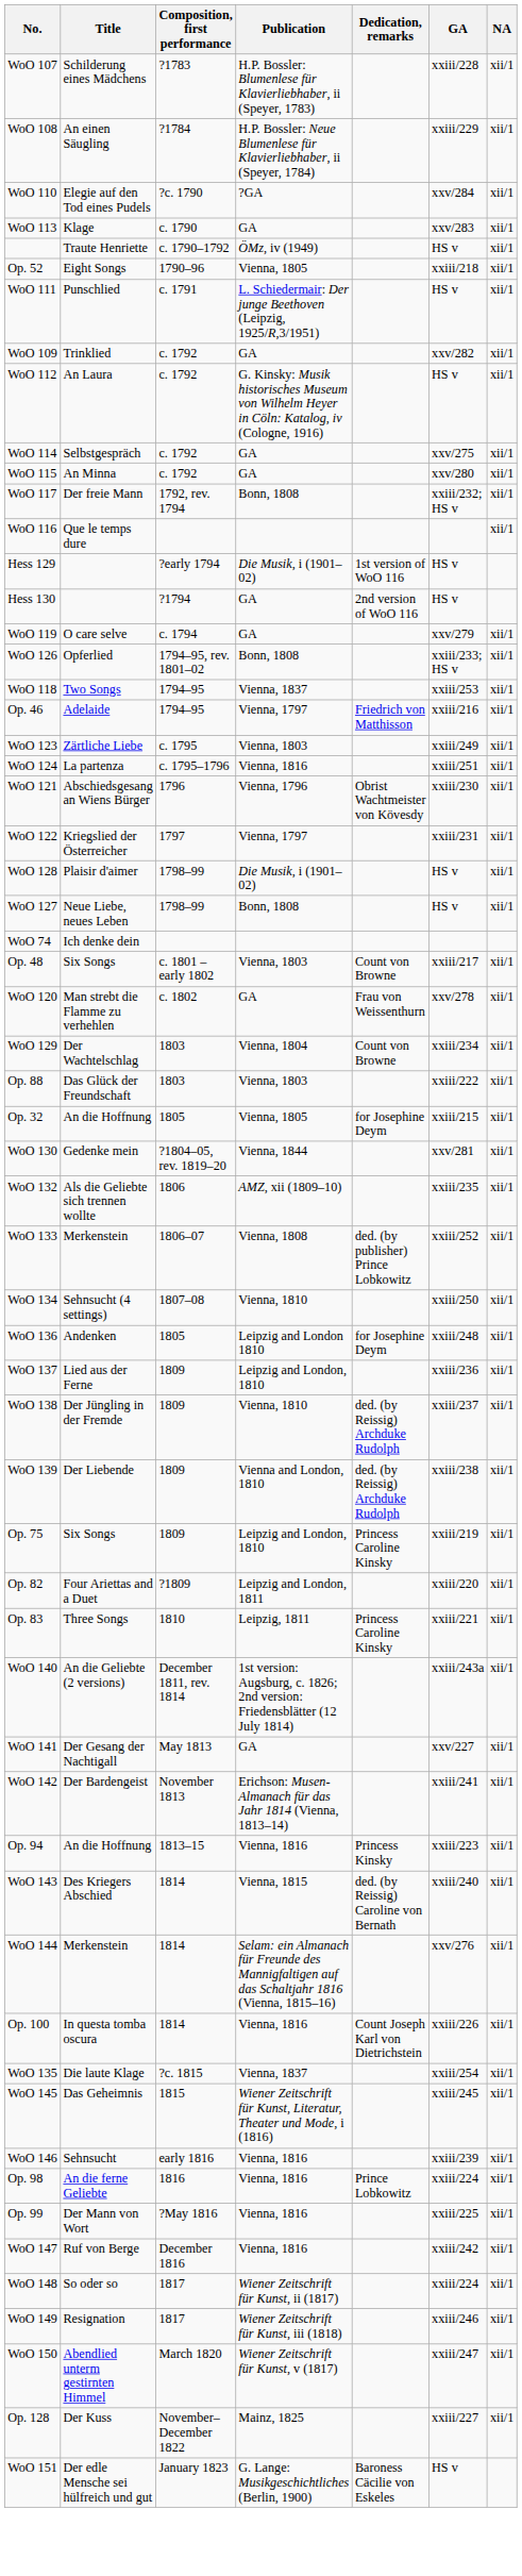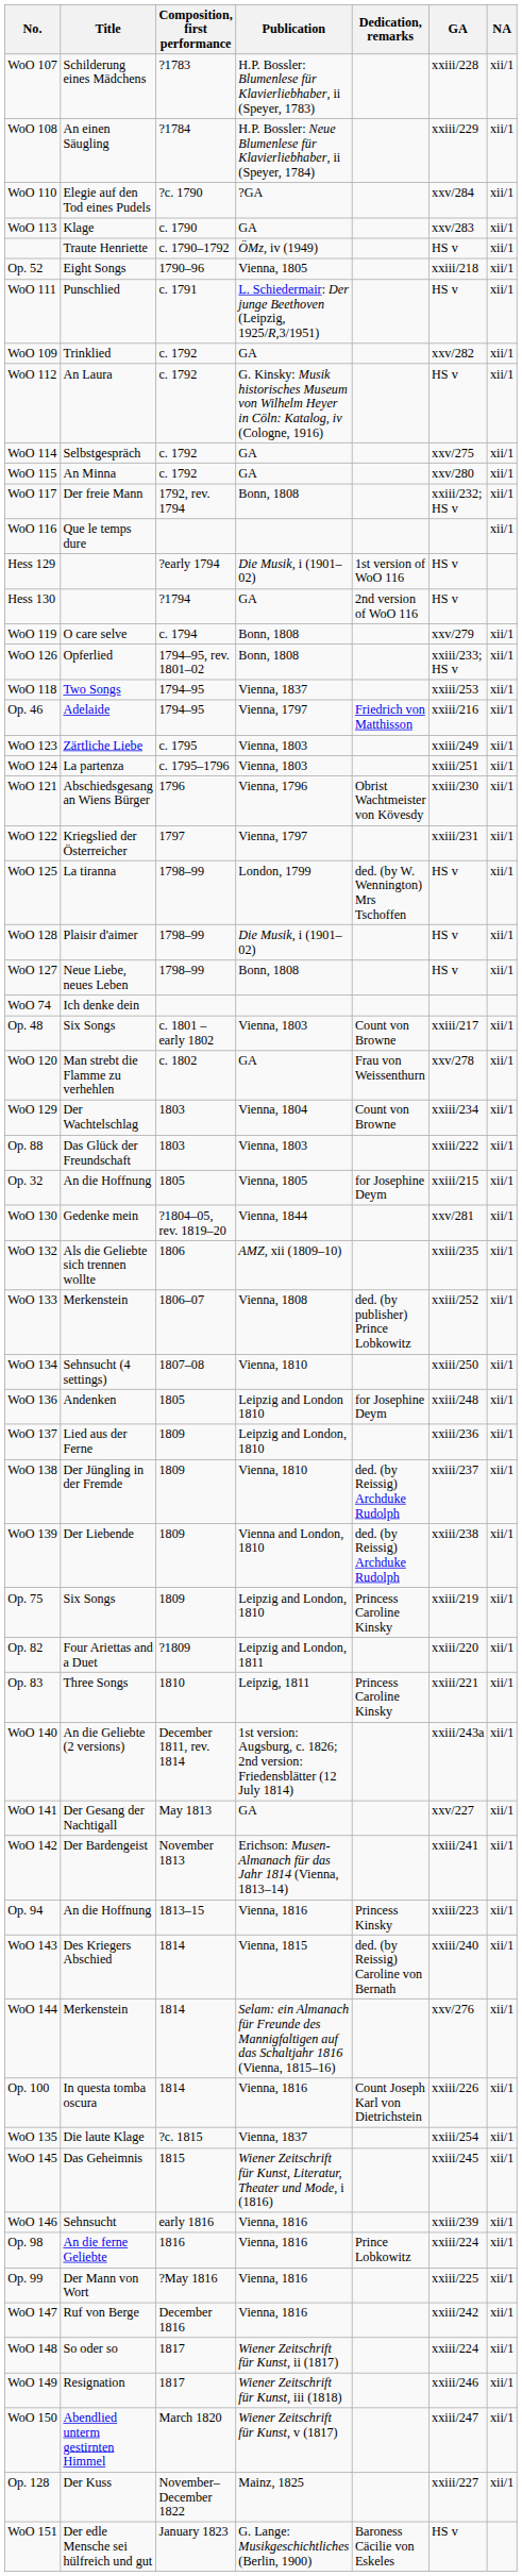 <table class="wikitable sortable" style="text-align: left">
 <tr>
 <th>No.</th>
 <th>Title</th>
 <th>Composition, first performance</th>
 <th>Publication</th>
 <th>Dedication, remarks</th>
 <th class="unsortable">GA</th>
 <th class="unsortable">NA</th>
 </tr>
 <tr style="vertical-align: top">
 <td>WoO 107</td>
 <td>Schilderung eines Mädchens</td>
 <td data-sort-value="1783">?1783</td>
 <td data-sort-value="1784">H.P. Bossler: <em>Blumenlese für Klavierliebhaber</em>, ii (Speyer, 1783)</td>
 <td></td>
 <td>xxiii/228</td>
 <td>xii/1</td>
 </tr>
 <tr style="vertical-align: top">
 <td>WoO 108</td>
 <td>An einen Säugling</td>
 <td data-sort-value="1784">?1784</td>
 <td data-sort-value="1784">H.P. Bossler: <em>Neue Blumenlese für Klavierliebhaber</em>, ii (Speyer, 1784)</td>
 <td></td>
 <td>xxiii/229</td>
 <td>xii/1</td>
 </tr>
 <tr style="vertical-align: top">
 <td>WoO 110</td>
 <td>Elegie auf den Tod eines Pudels</td>
 <td data-sort-value="1790">?c. 1790</td>
 <td data-sort-value="1862">?GA</td>
 <td></td>
 <td>xxv/284</td>
 <td>xii/1</td>
 </tr>
 <tr style="vertical-align: top">
 <td>WoO 113</td>
 <td>Klage</td>
 <td data-sort-value="1790">c. 1790</td>
 <td data-sort-value="1862">GA</td>
 <td></td>
 <td>xxv/283</td>
 <td>xii/1</td>
 </tr>
 <tr style="vertical-align: top">
 <td></td>
 <td>Traute Henriette</td>
 <td data-sort-value="1790">c. 1790–1792</td>
 <td data-sort-value="1949"><em>ÖMz</em>, iv (1949)</td>
 <td></td>
 <td>HS v</td>
 <td>xii/1</td>
 </tr>
 <tr style="vertical-align: top">
 <td>Op. 52</td>
 <td>Eight Songs<br></td>
 <td data-sort-value="1790">1790–96</td>
 <td data-sort-value="1805">Vienna, 1805</td>
 <td></td>
 <td>xxiii/218</td>
 <td>xii/1</td>
 </tr>
 <tr style="vertical-align: top">
 <td>WoO 111</td>
 <td>Punschlied</td>
 <td data-sort-value="1791">c. 1791</td>
 <td data-sort-value="1925"><a href='#'>L. Schiedermair</a>: <em>Der junge Beethoven</em> (Leipzig, 1925/<em>R</em>,3/1951)</td>
 <td></td>
 <td>HS v</td>
 <td>xii/1</td>
 </tr>
 <tr style="vertical-align: top">
 <td>WoO 109</td>
 <td>Trinklied</td>
 <td data-sort-value="1792">c. 1792</td>
 <td data-sort-value="1862">GA</td>
 <td></td>
 <td>xxv/282</td>
 <td>xii/1</td>
 </tr>
 <tr style="vertical-align: top">
 <td>WoO 112</td>
 <td>An Laura</td>
 <td data-sort-value="1792">c. 1792</td>
 <td data-sort-value="1916">G. Kinsky: <em>Musik historisches Museum von Wilhelm Heyer in Cöln: Katalog, iv</em> (Cologne, 1916)</td>
 <td></td>
 <td>HS v</td>
 <td>xii/1</td>
 </tr>
 <tr style="vertical-align: top">
 <td>WoO 114</td>
 <td>Selbstgespräch</td>
 <td data-sort-value="1792">c. 1792</td>
 <td data-sort-value="1862">GA</td>
 <td></td>
 <td>xxv/275</td>
 <td>xii/1</td>
 </tr>
 <tr style="vertical-align: top">
 <td>WoO 115</td>
 <td>An Minna</td>
 <td data-sort-value="1792">c. 1792</td>
 <td data-sort-value="1862">GA</td>
 <td></td>
 <td>xxv/280</td>
 <td>xii/1</td>
 </tr>
 <tr style="vertical-align: top">
 <td>WoO 117</td>
 <td>Der freie Mann</td>
 <td data-sort-value="1792">1792, rev. 1794</td>
 <td data-sort-value="1808">Bonn, 1808</td>
 <td></td>
 <td>xxiii/232; HS v</td>
 <td>xii/1</td>
 </tr>
 <tr style="vertical-align: top">
 <td>WoO 116</td>
 <td>Que le temps dure</td>
 <td></td>
 <td></td>
 <td></td>
 <td></td>
 <td>xii/1</td>
 </tr>
 <tr style="vertical-align: top">
 <td>Hess 129</td>
 <td></td>
 <td>?early 1794</td>
 <td><em>Die Musik</em>, i (1901–02)</td>
 <td>1st version of WoO 116</td>
 <td>HS v</td>
 <td></td>
 </tr>
 <tr style="vertical-align: top">
 <td>Hess 130</td>
 <td></td>
 <td>?1794</td>
 <td>GA</td>
 <td>2nd version of WoO 116</td>
 <td>HS v</td>
 <td></td>
 </tr>
 <tr style="vertical-align: top">
 <td>WoO 119</td>
 <td>O care selve</td>
 <td data-sort-value="1794">c. 1794</td>
-<td data-sort-value="1862">GA</td>
+<td data-sort-value="1808">Bonn, 1808</td>
 <td></td>
 <td>xxv/279</td>
 <td>xii/1</td>
 </tr>
 <tr style="vertical-align: top">
 <td>WoO 126</td>
 <td>Opferlied</td>
 <td data-sort-value="1794">1794–95, rev. 1801–02</td>
 <td data-sort-value="1808">Bonn, 1808</td>
 <td></td>
 <td>xxiii/233; HS v</td>
 <td>xii/1</td>
 </tr>
 <tr style="vertical-align: top">
 <td>WoO 118</td>
 <td><a href='#'>Two Songs </a></td>
 <td data-sort-value="1794">1794–95</td>
 <td data-sort-value="1837">Vienna, 1837</td>
 <td></td>
 <td>xxiii/253</td>
 <td>xii/1</td>
 </tr>
 <tr style="vertical-align: top">
 <td>Op. 46</td>
 <td><a href='#'>Adelaide</a></td>
 <td data-sort-value="1794">1794–95</td>
 <td data-sort-value="1797">Vienna, 1797</td>
 <td><a href='#'>Friedrich von Matthisson</a></td>
 <td>xxiii/216</td>
 <td>xii/1</td>
 </tr>
 <tr style="vertical-align: top">
 <td>WoO 123</td>
 <td><a href='#'>Zärtliche Liebe</a></td>
 <td data-sort-value="1795">c. 1795</td>
 <td data-sort-value="1803">Vienna, 1803</td>
 <td></td>
 <td>xxiii/249</td>
 <td>xii/1</td>
 </tr>
 <tr style="vertical-align: top">
 <td>WoO 124</td>
 <td>La partenza</td>
 <td data-sort-value="1795">c. 1795–1796</td>
-<td data-sort-value="1816">Vienna, 1816</td>
+<td data-sort-value="1803">Vienna, 1803</td>
 <td></td>
 <td>xxiii/251</td>
 <td>xii/1</td>
 </tr>
 <tr style="vertical-align: top">
 <td>WoO 121</td>
 <td>Abschiedsgesang an Wiens Bürger</td>
 <td data-sort-value="1796">1796</td>
 <td data-sort-value="1796">Vienna, 1796</td>
 <td>Obrist Wachtmeister von Kövesdy</td>
 <td>xxiii/230</td>
 <td>xii/1</td>
 </tr>
 <tr style="vertical-align: top">
 <td>WoO 122</td>
 <td>Kriegslied der Österreicher</td>
 <td data-sort-value="1797">1797</td>
 <td data-sort-value="1797">Vienna, 1797</td>
 <td></td>
 <td>xxiii/231</td>
+<td>xii/1</td>
+</tr>
+<tr style="vertical-align: top">
+<td>WoO 125</td>
+<td>La tiranna</td>
+<td data-sort-value="1798">1798–99</td>
+<td data-sort-value="1799">London, 1799</td>
+<td>ded. (by W. Wennington) Mrs Tschoffen</td>
+<td>HS v</td>
 <td>xii/1</td>
 </tr>
 <tr style="vertical-align: top">
 <td>WoO 128</td>
 <td>Plaisir d'aimer</td>
 <td data-sort-value="1798">1798–99</td>
 <td data-sort-value="1901"><em>Die Musik</em>, i (1901–02)</td>
 <td></td>
 <td>HS v</td>
 <td>xii/1</td>
 </tr>
 <tr style="vertical-align: top">
 <td>WoO 127</td>
 <td>Neue Liebe, neues Leben</td>
 <td data-sort-value="1798">1798–99</td>
 <td data-sort-value="1808">Bonn, 1808</td>
 <td></td>
 <td>HS v</td>
 <td>xii/1</td>
 </tr>
 <tr style="vertical-align: top">
 <td>WoO 74</td>
 <td>Ich denke dein</td>
 <td></td>
 <td></td>
 <td></td>
 <td></td>
 <td></td>
 </tr>
 <tr style="vertical-align: top">
 <td>Op. 48</td>
 <td>Six Songs<br></td>
 <td data-sort-value="1801">c. 1801 – early 1802</td>
 <td data-sort-value="1803">Vienna, 1803</td>
 <td>Count von Browne</td>
 <td>xxiii/217</td>
 <td>xii/1</td>
 </tr>
 <tr style="vertical-align: top">
 <td>WoO 120</td>
 <td>Man strebt die Flamme zu verhehlen</td>
 <td data-sort-value="1802">c. 1802</td>
 <td data-sort-value="1862">GA</td>
 <td>Frau von Weissenthurn</td>
 <td>xxv/278</td>
 <td>xii/1</td>
 </tr>
 <tr style="vertical-align: top">
 <td>WoO 129</td>
 <td>Der Wachtelschlag</td>
 <td data-sort-value="1803">1803</td>
 <td data-sort-value="1804">Vienna, 1804</td>
 <td>Count von Browne</td>
 <td>xxiii/234</td>
 <td>xii/1</td>
 </tr>
 <tr style="vertical-align: top">
 <td>Op. 88</td>
 <td>Das Glück der Freundschaft</td>
 <td data-sort-value="1803">1803</td>
 <td data-sort-value="1803">Vienna, 1803</td>
 <td></td>
 <td>xxiii/222</td>
 <td>xii/1</td>
 </tr>
 <tr style="vertical-align: top">
 <td>Op. 32</td>
 <td>An die Hoffnung</td>
 <td data-sort-value="1805">1805</td>
 <td data-sort-value="1805">Vienna, 1805</td>
 <td>for Josephine Deym</td>
 <td>xxiii/215</td>
 <td>xii/1</td>
 </tr>
 <tr style="vertical-align: top">
 <td>WoO 130</td>
 <td>Gedenke mein</td>
 <td data-sort-value="1804">?1804–05, rev. 1819–20</td>
 <td data-sort-value="1844">Vienna, 1844</td>
 <td></td>
 <td>xxv/281</td>
 <td>xii/1</td>
 </tr>
 <tr style="vertical-align: top">
 <td>WoO 132</td>
 <td>Als die Geliebte sich trennen wollte</td>
 <td data-sort-value="1806">1806</td>
 <td data-sort-value="1809"><em>AMZ</em>, xii (1809–10)</td>
 <td></td>
 <td>xxiii/235</td>
 <td>xii/1</td>
 </tr>
 <tr style="vertical-align: top">
 <td>WoO 133</td>
 <td>Merkenstein</td>
 <td data-sort-value="1806">1806–07</td>
 <td data-sort-value="1808">Vienna, 1808</td>
 <td>ded. (by publisher) Prince Lobkowitz</td>
 <td>xxiii/252</td>
 <td>xii/1</td>
 </tr>
 <tr style="vertical-align: top">
 <td>WoO 134</td>
 <td>Sehnsucht (4 settings)</td>
 <td data-sort-value="1807">1807–08</td>
 <td data-sort-value="1810">Vienna, 1810</td>
 <td></td>
 <td>xxiii/250</td>
 <td>xii/1</td>
 </tr>
 <tr style="vertical-align: top">
 <td>WoO 136</td>
 <td>Andenken</td>
 <td data-sort-value="1805">1805</td>
 <td data-sort-value="1810">Leipzig and London 1810</td>
 <td>for Josephine Deym</td>
 <td>xxiii/248</td>
 <td>xii/1</td>
 </tr>
 <tr style="vertical-align: top">
 <td>WoO 137</td>
 <td>Lied aus der Ferne</td>
 <td data-sort-value="1809">1809</td>
 <td data-sort-value="1810">Leipzig and London, 1810</td>
 <td></td>
 <td>xxiii/236</td>
 <td>xii/1</td>
 </tr>
 <tr style="vertical-align: top">
 <td>WoO 138</td>
 <td>Der Jüngling in der Fremde</td>
 <td data-sort-value="1809">1809</td>
 <td data-sort-value="1810">Vienna, 1810</td>
 <td>ded. (by Reissig) <a href='#'>Archduke Rudolph</a></td>
 <td>xxiii/237</td>
 <td>xii/1</td>
 </tr>
 <tr style="vertical-align: top">
 <td>WoO 139</td>
 <td>Der Liebende</td>
 <td data-sort-value="1809">1809</td>
 <td data-sort-value="1810">Vienna and London, 1810</td>
 <td>ded. (by Reissig) <a href='#'>Archduke Rudolph</a></td>
 <td>xxiii/238</td>
 <td>xii/1</td>
 </tr>
 <tr style="vertical-align: top">
 <td>Op. 75</td>
 <td>Six Songs<br></td>
 <td data-sort-value="1809">1809</td>
 <td data-sort-value="1810">Leipzig and London, 1810</td>
 <td>Princess Caroline Kinsky</td>
 <td>xxiii/219</td>
 <td>xii/1</td>
 </tr>
 <tr style="vertical-align: top">
 <td>Op. 82</td>
 <td>Four Ariettas and a Duet<br></td>
 <td data-sort-value="1809">?1809</td>
 <td data-sort-value="1811">Leipzig and London, 1811</td>
 <td></td>
 <td>xxiii/220</td>
 <td>xii/1</td>
 </tr>
 <tr style="vertical-align: top">
 <td>Op. 83</td>
 <td>Three Songs<br></td>
 <td data-sort-value="1810">1810</td>
 <td data-sort-value="1811">Leipzig, 1811</td>
 <td>Princess Caroline Kinsky</td>
 <td>xxiii/221</td>
 <td>xii/1</td>
 </tr>
 <tr style="vertical-align: top">
 <td>WoO 140</td>
 <td>An die Geliebte (2 versions)</td>
 <td data-sort-value="1811">December 1811, rev. 1814</td>
 <td data-sort-value="1814">1st version: Augsburg, c. 1826; 2nd version: Friedensblätter (12 July 1814)</td>
 <td></td>
 <td>xxiii/243a</td>
 <td>xii/1</td>
 </tr>
 <tr style="vertical-align: top">
 <td>WoO 141</td>
 <td>Der Gesang der Nachtigall</td>
 <td data-sort-value="1813">May 1813</td>
 <td data-sort-value="1862">GA</td>
 <td></td>
 <td>xxv/227</td>
 <td>xii/1</td>
 </tr>
 <tr style="vertical-align: top">
 <td>WoO 142</td>
 <td>Der Bardengeist</td>
 <td data-sort-value="1813">November 1813</td>
 <td data-sort-value="1814">Erichson: <em>Musen-Almanach für das Jahr 1814</em> (Vienna, 1813–14)</td>
 <td></td>
 <td>xxiii/241</td>
 <td>xii/1</td>
 </tr>
 <tr style="vertical-align: top">
 <td>Op. 94</td>
 <td>An die Hoffnung</td>
 <td data-sort-value="1813">1813–15</td>
 <td data-sort-value="1816">Vienna, 1816</td>
 <td>Princess Kinsky</td>
 <td>xxiii/223</td>
 <td>xii/1</td>
 </tr>
 <tr style="vertical-align: top">
 <td>WoO 143</td>
 <td>Des Kriegers Abschied</td>
 <td data-sort-value="1814">1814</td>
 <td data-sort-value="1815">Vienna, 1815</td>
 <td>ded. (by Reissig) Caroline von Bernath</td>
 <td>xxiii/240</td>
 <td>xii/1</td>
 </tr>
 <tr style="vertical-align: top">
 <td>WoO 144</td>
 <td>Merkenstein</td>
 <td data-sort-value="1814">1814</td>
 <td data-sort-value="1816"><em>Selam: ein Almanach für Freunde des Mannigfaltigen auf das Schaltjahr 1816</em> (Vienna, 1815–16)</td>
 <td></td>
 <td>xxv/276</td>
 <td>xii/1</td>
 </tr>
 <tr style="vertical-align: top">
 <td>Op. 100</td>
 <td>In questa tomba oscura</td>
 <td data-sort-value="1814">1814</td>
 <td data-sort-value="1816">Vienna, 1816</td>
 <td>Count Joseph Karl von Dietrichstein</td>
 <td>xxiii/226</td>
 <td>xii/1</td>
 </tr>
 <tr style="vertical-align: top">
 <td>WoO 135</td>
 <td>Die laute Klage</td>
 <td data-sort-value="1815">?c. 1815</td>
 <td data-sort-value="1837">Vienna, 1837</td>
 <td></td>
 <td>xxiii/254</td>
 <td>xii/1</td>
 </tr>
 <tr style="vertical-align: top">
 <td>WoO 145</td>
 <td>Das Geheimnis</td>
 <td data-sort-value="1815">1815</td>
 <td data-sort-value="1816"><em>Wiener Zeitschrift für Kunst, Literatur, Theater und Mode</em>, i (1816)</td>
 <td></td>
 <td>xxiii/245</td>
 <td>xii/1</td>
 </tr>
 <tr style="vertical-align: top">
 <td>WoO 146</td>
 <td>Sehnsucht</td>
 <td data-sort-value="1816">early 1816</td>
 <td data-sort-value="1816">Vienna, 1816</td>
 <td></td>
 <td>xxiii/239</td>
 <td>xii/1</td>
 </tr>
 <tr style="vertical-align: top">
 <td>Op. 98</td>
 <td><a href='#'>An die ferne Geliebte</a><br></td>
 <td data-sort-value="1816">1816</td>
 <td data-sort-value="1816">Vienna, 1816</td>
 <td>Prince Lobkowitz</td>
 <td>xxiii/224</td>
 <td>xii/1</td>
 </tr>
 <tr style="vertical-align: top">
 <td>Op. 99</td>
 <td>Der Mann von Wort</td>
 <td data-sort-value="1816">?May 1816</td>
 <td data-sort-value="1816">Vienna, 1816</td>
 <td></td>
 <td>xxiii/225</td>
 <td>xii/1</td>
 </tr>
 <tr style="vertical-align: top">
 <td>WoO 147</td>
 <td>Ruf von Berge</td>
 <td data-sort-value="1816">December 1816</td>
 <td data-sort-value="1816">Vienna, 1816</td>
 <td></td>
 <td>xxiii/242</td>
 <td>xii/1</td>
 </tr>
 <tr style="vertical-align: top">
 <td>WoO 148</td>
 <td>So oder so</td>
 <td data-sort-value="1817">1817</td>
 <td data-sort-value="1817"><em>Wiener Zeitschrift für Kunst</em>, ii (1817)</td>
 <td></td>
 <td>xxiii/224</td>
 <td>xii/1</td>
 </tr>
 <tr style="vertical-align: top">
 <td>WoO 149</td>
 <td>Resignation</td>
 <td data-sort-value="1817">1817</td>
 <td data-sort-value="1818"><em>Wiener Zeitschrift für Kunst</em>, iii (1818)</td>
 <td></td>
 <td>xxiii/246</td>
 <td>xii/1</td>
 </tr>
 <tr style="vertical-align: top">
 <td>WoO 150</td>
 <td><a href='#'>Abendlied unterm gestirnten Himmel</a></td>
 <td data-sort-value="1820">March 1820</td>
 <td data-sort-value="1817"><em>Wiener Zeitschrift für Kunst</em>, v (1817)</td>
 <td></td>
 <td>xxiii/247</td>
 <td>xii/1</td>
 </tr>
 <tr style="vertical-align: top">
 <td>Op. 128</td>
 <td>Der Kuss</td>
 <td data-sort-value="1822">November–December 1822</td>
 <td data-sort-value="1825">Mainz, 1825</td>
 <td></td>
 <td>xxiii/227</td>
 <td>xii/1</td>
 </tr>
 <tr style="vertical-align: top">
 <td>WoO 151</td>
 <td>Der edle Mensche sei hülfreich und gut</td>
 <td data-sort-value="1823">January 1823</td>
 <td data-sort-value="1900">G. Lange: <em>Musikgeschichtliches</em> (Berlin, 1900)</td>
 <td>Baroness Cäcilie von Eskeles</td>
 <td>HS v</td>
 <td></td>
 </tr>
 </table>
